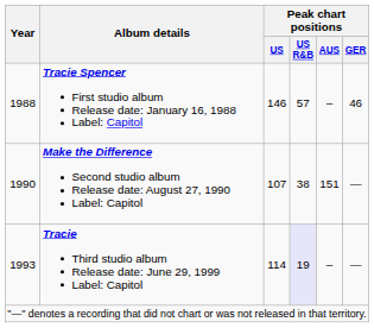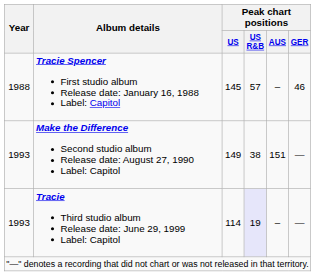 <table class="wikitable" style="text-align:center;">
 <tr>
 <th rowspan="2">Year</th>
 <th rowspan="2">Album details</th>
 <th colspan="4">Peak chart positions</th>
 </tr>
 <tr style="font-size:smaller;">
 <th width="30"><a href='#'>US</a><br></th>
 <th width="30"><a href='#'>US R&B</a><br></th>
 <th width="30"><a href='#'>AUS</a><br></th>
 <th width="30"><a href='#'>GER</a><br></th>
 </tr>
 <tr>
 <td>1988</td>
 <td align="left"><strong><em><a href='#'>Tracie Spencer</a></em></strong><br><ul><li>First studio album</li><li>Release date: January 16, 1988</li><li>Label: <a href='#'>Capitol</a></li></ul></td>
-<td>146</td>
+<td>145</td>
 <td>57</td>
 <td>–</td>
 <td>46</td>
 </tr>
 <tr>
-<td>1990</td>
+<td>1993</td>
 <td align="left"><strong><em><a href='#'>Make the Difference</a></em></strong><br><ul><li>Second studio album</li><li>Release date: August 27, 1990</li><li>Label: Capitol</li></ul></td>
-<td>107</td>
+<td>149</td>
 <td>38</td>
 <td>151</td>
 <td>—</td>
 </tr>
 <tr>
 <td>1993</td>
 <td align="left"><strong><em><a href='#'>Tracie</a></em></strong><br><ul><li>Third studio album</li><li>Release date: June 29, 1999</li><li>Label: Capitol</li></ul></td>
 <td>114</td>
 <td style="background: lavender;">19</td>
 <td>–</td>
 <td>—</td>
 </tr>
 <tr>
 <td colspan="15" style="font-size:90%">"—" denotes a recording that did not chart or was not released in that territory.</td>
 </tr>
 </table>
